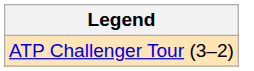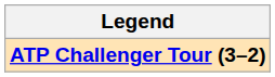 <table class=wikitable style=font-size:97%>
 <tr>
 <th>Legend</th>
 </tr>
 <tr bgcolor=moccasin>
-<td><a href='#'>ATP Challenger Tour</a> (3–2)</td>
+<td><strong><a href='#'>ATP Challenger Tour</a> (3–2)</strong></td>
 </tr>
 </table>
